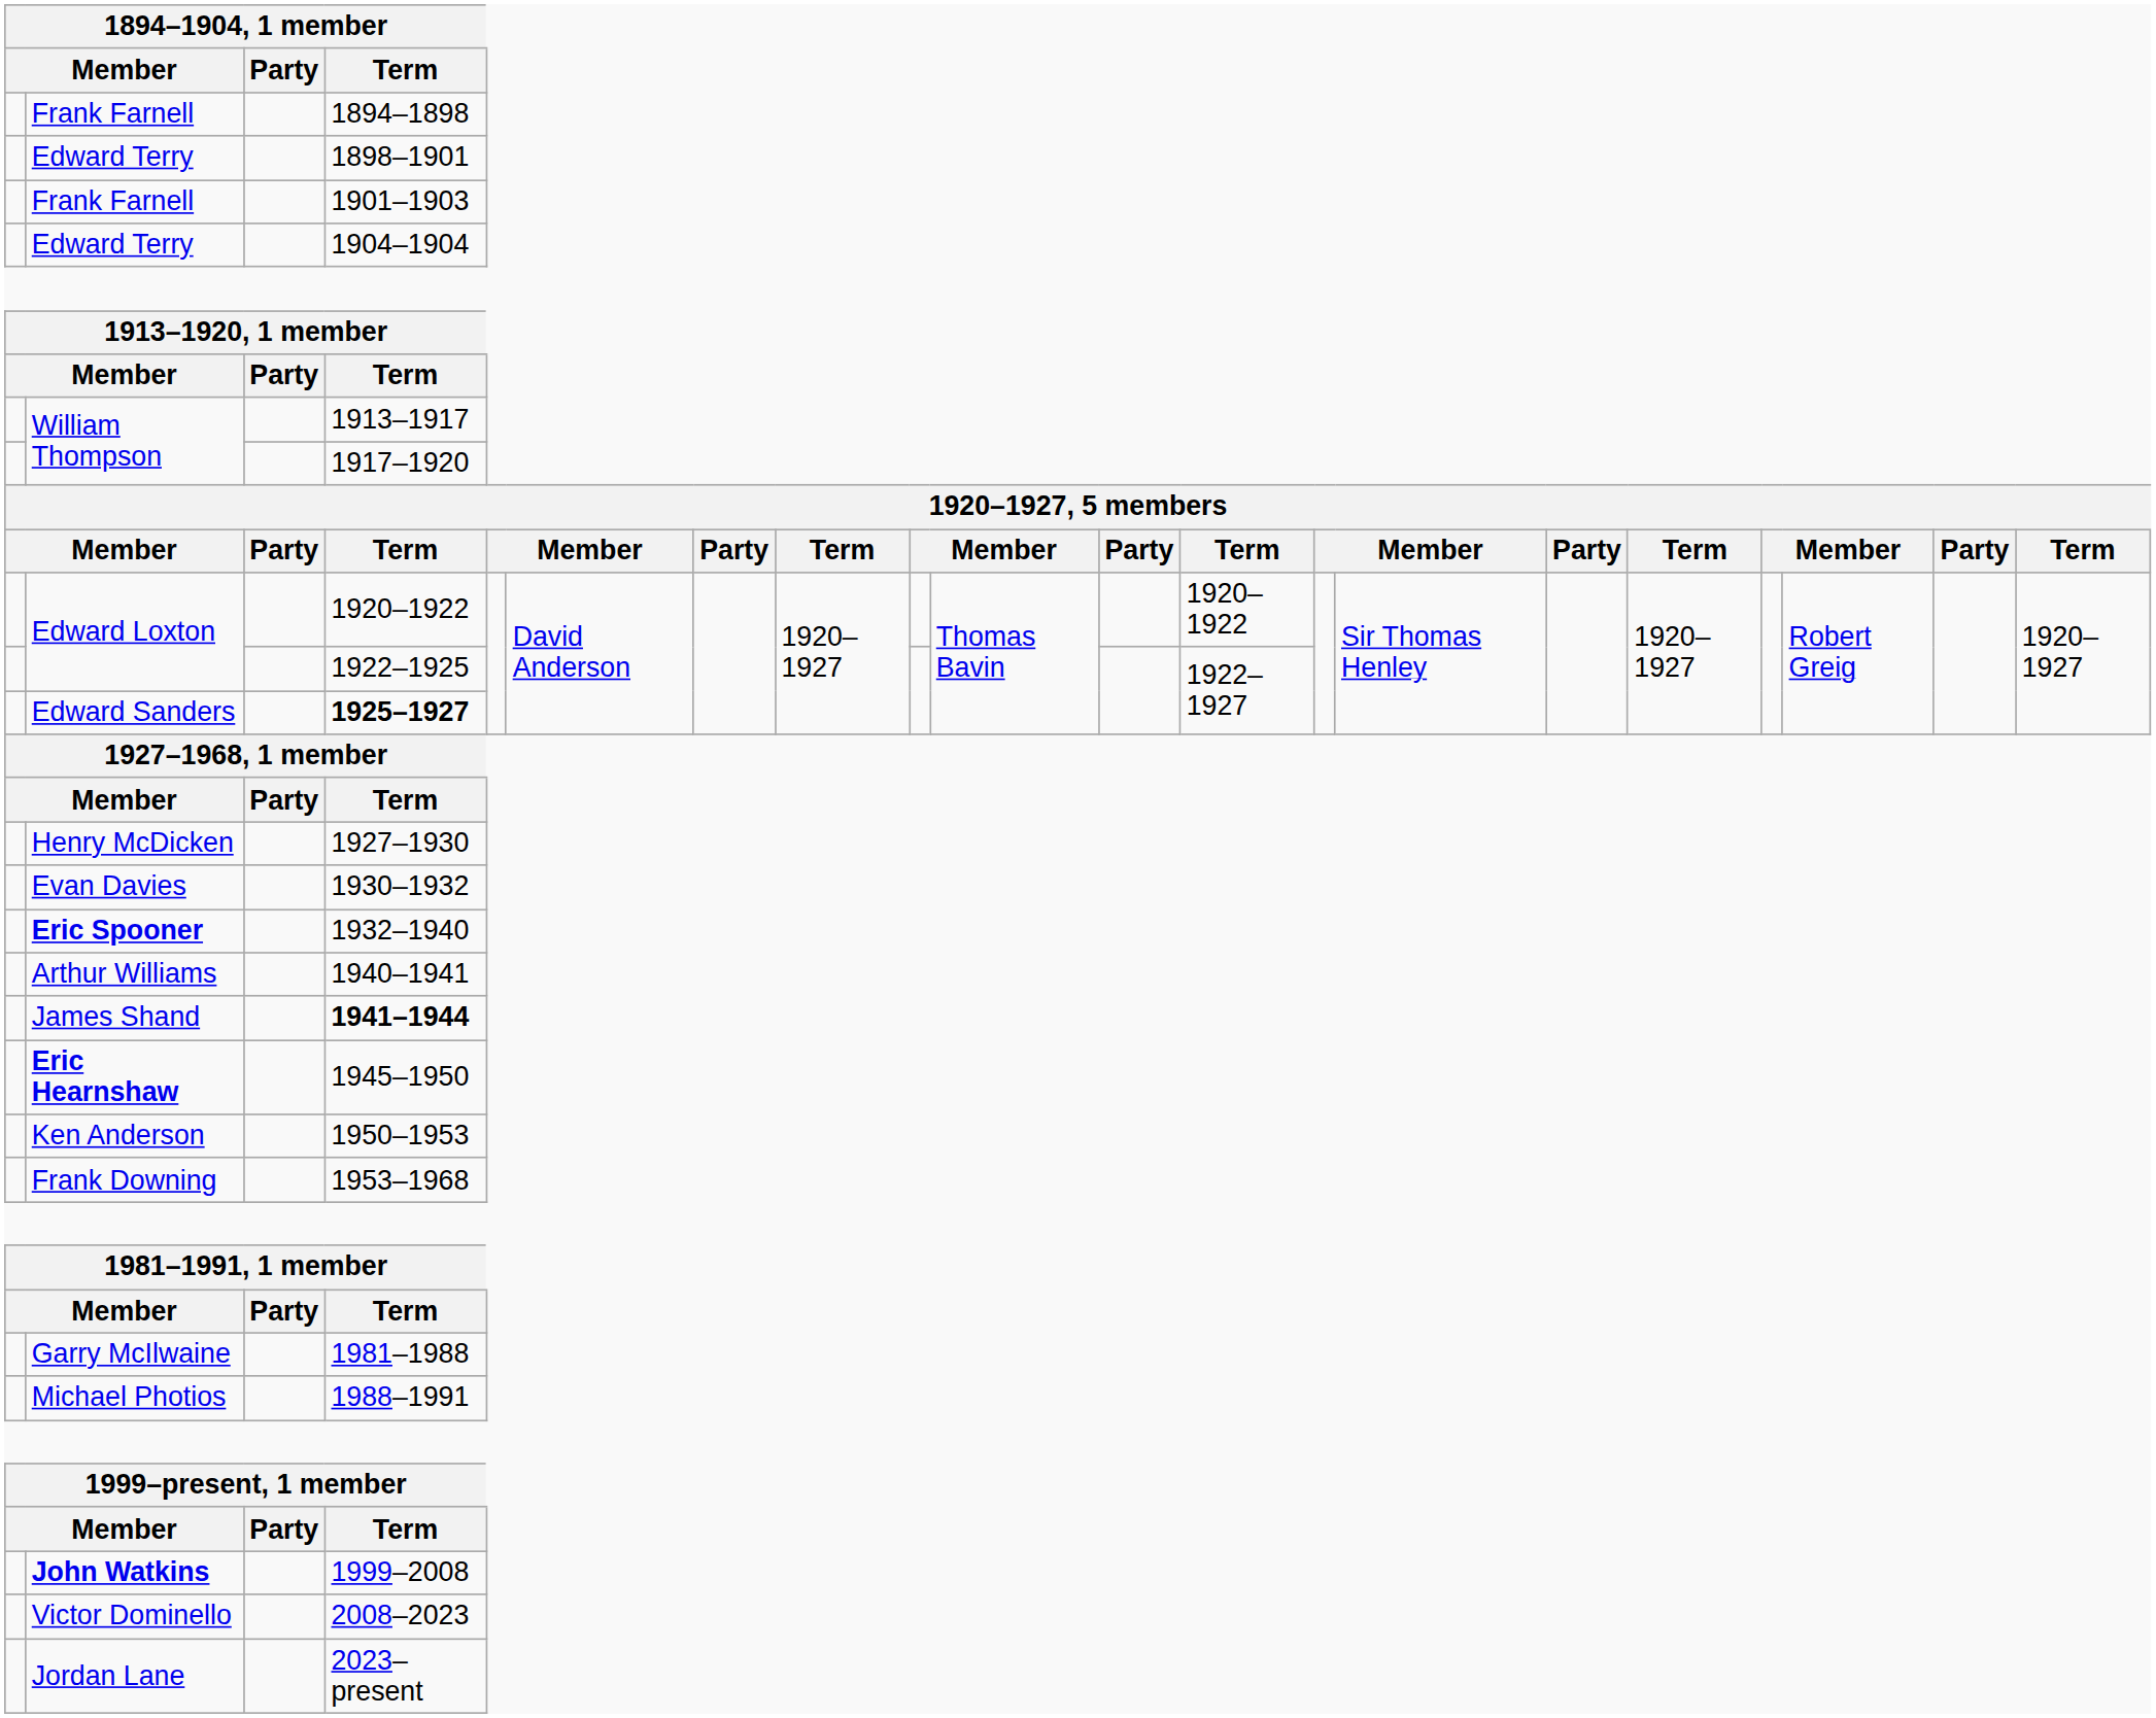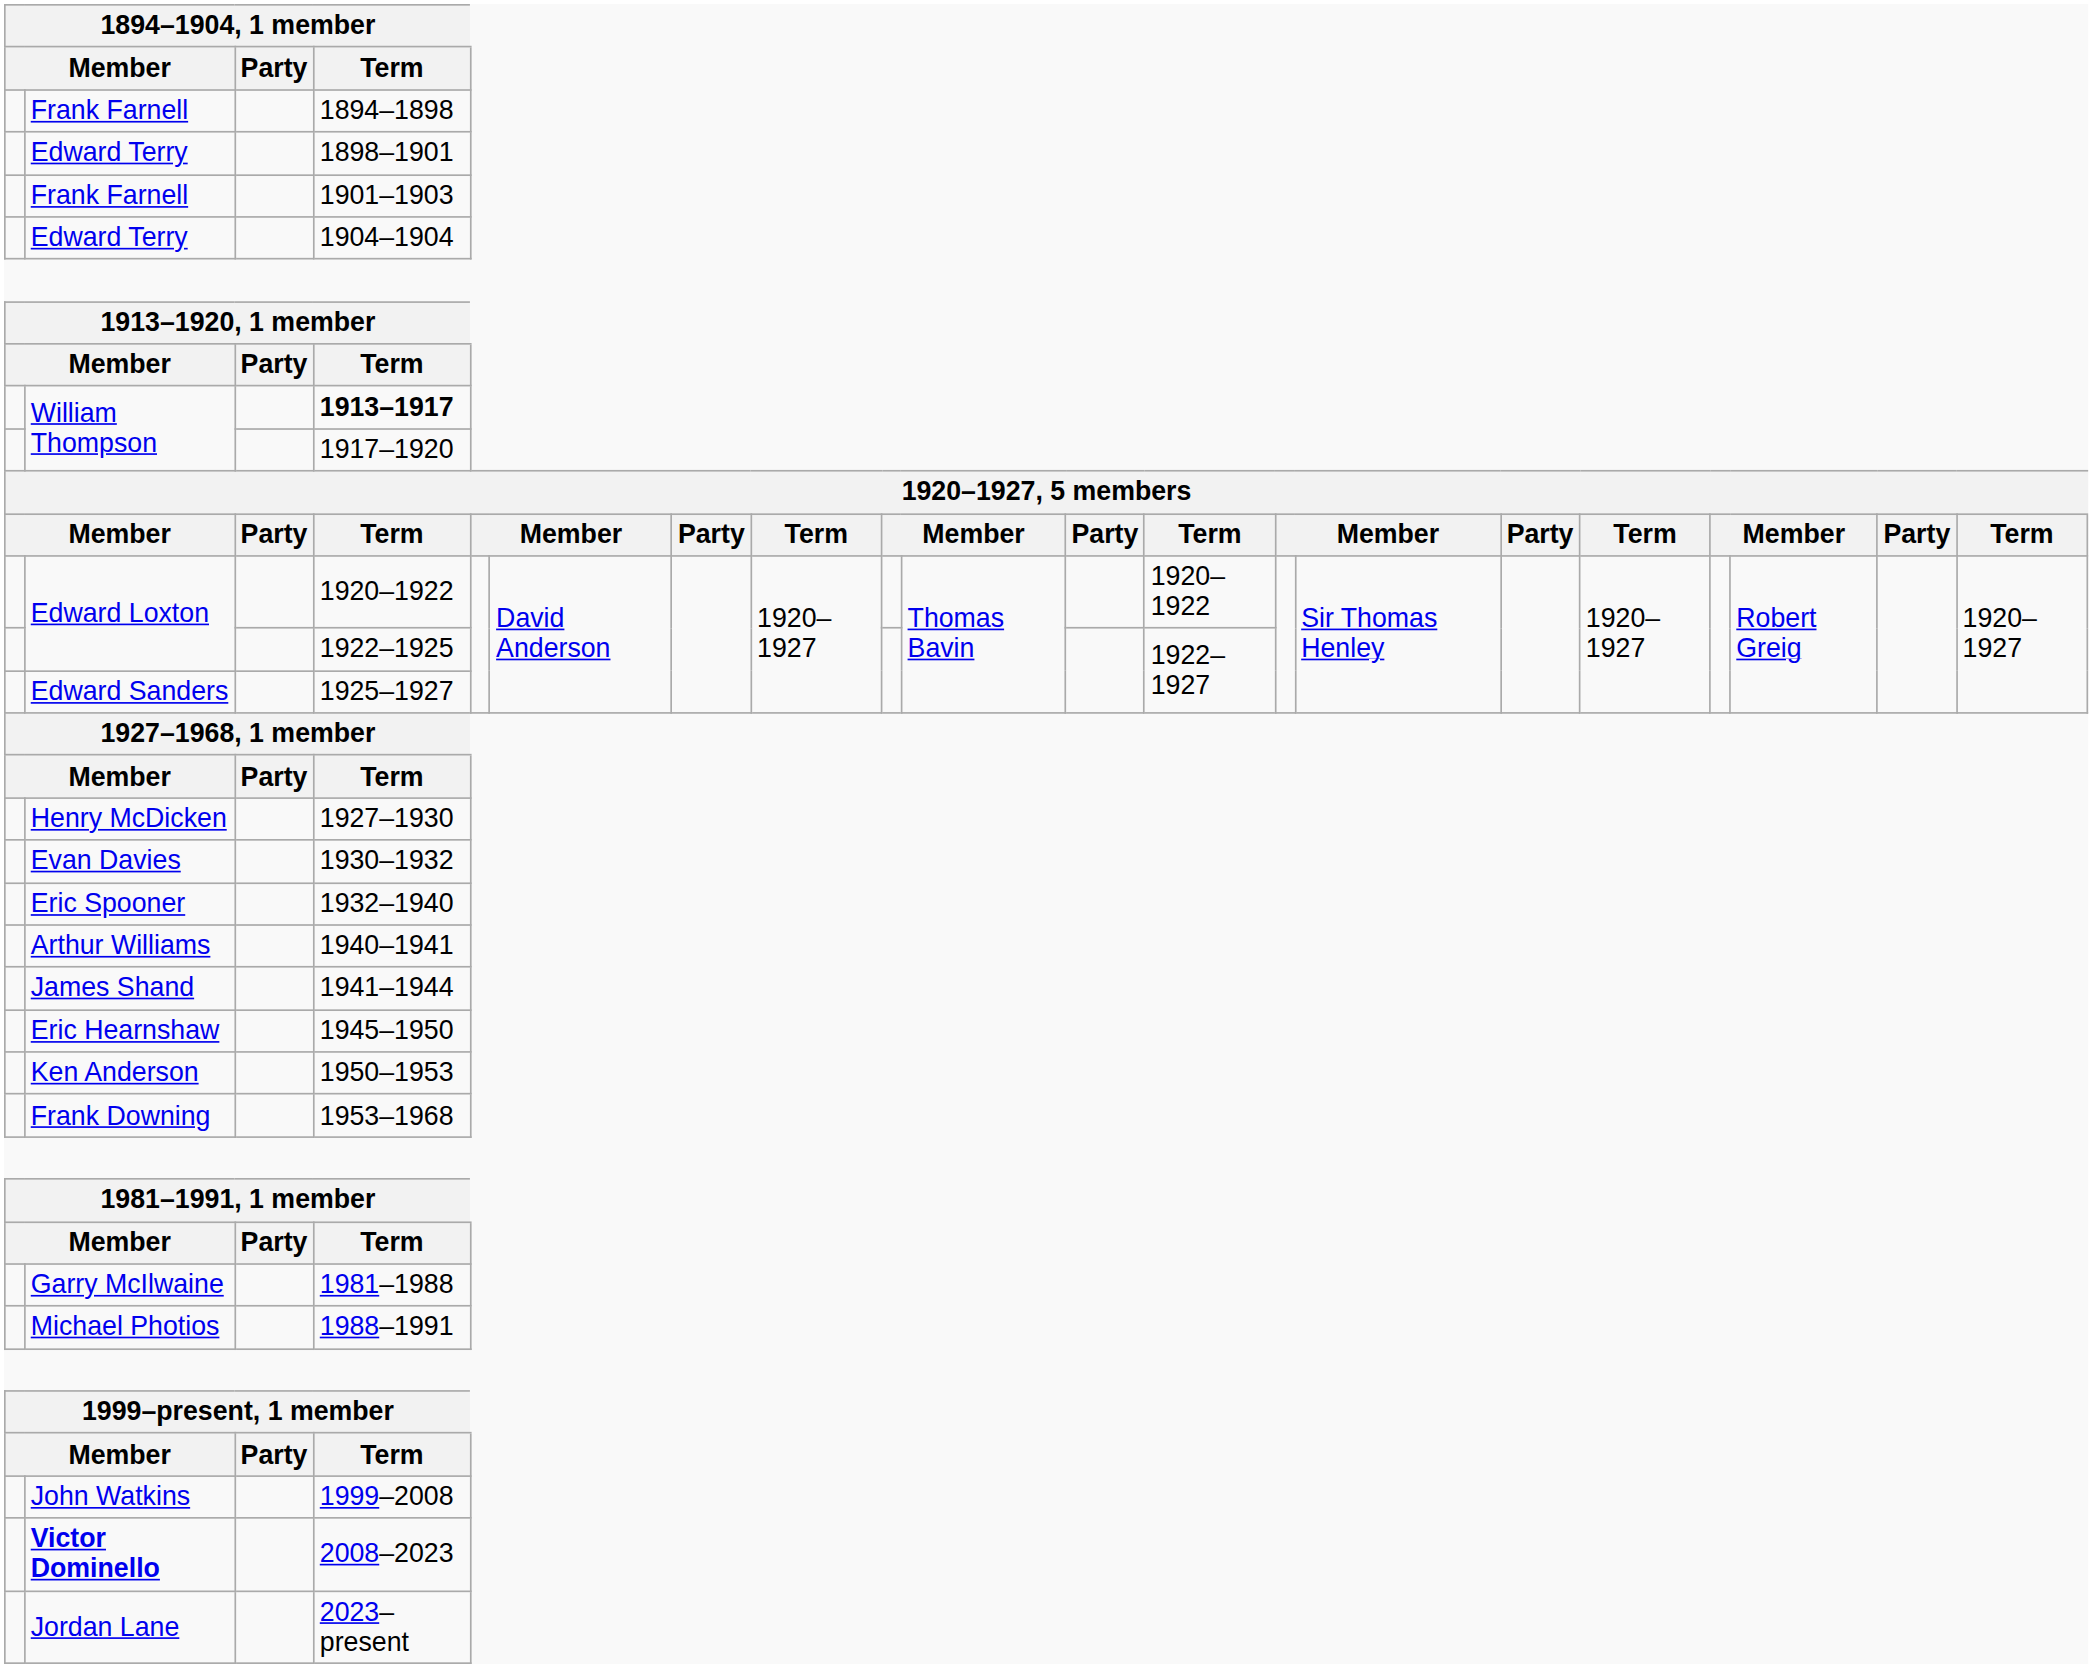 <table class="wikitable" style='border-style: none none none none;'>
 <tr>
 <th colspan="4" style="border-right:0px;">1894–1904, 1 member</th>
 </tr>
 <tr>
 <th colspan="2">Member</th>
 <th>Party</th>
 <th>Term</th>
 </tr>
 <tr style="background: #f9f9f9">
 <td> </td>
 <td><a href='#'>Frank Farnell</a></td>
 <td></td>
 <td>1894–1898</td>
 </tr>
 <tr style="background: #f9f9f9">
 <td> </td>
 <td><a href='#'>Edward Terry</a></td>
 <td></td>
 <td>1898–1901</td>
 </tr>
 <tr style="background: #f9f9f9">
 <td> </td>
 <td><a href='#'>Frank Farnell</a></td>
 <td></td>
 <td>1901–1903</td>
 </tr>
 <tr style="background: #f9f9f9">
 <td> </td>
 <td><a href='#'>Edward Terry</a></td>
 <td></td>
 <td>1904–1904</td>
 </tr>
 <tr>
 <td colspan="4" style='border-style: none none none none;'> </td>
 </tr>
 <tr>
 <th colspan="4" style="border-right:0px;" ;>1913–1920, 1 member</th>
 </tr>
 <tr>
 <th colspan="2">Member</th>
 <th>Party</th>
 <th>Term</th>
 </tr>
 <tr style="background: #f9f9f9">
 <td> </td>
 <td rowspan="2"><a href='#'>William Thompson</a></td>
 <td></td>
-<td>1913–1917</td>
+<td><strong>1913–1917</strong></td>
 </tr>
 <tr style="background: #f9f9f9">
 <td> </td>
 <td></td>
 <td>1917–1920</td>
 </tr>
 <tr>
 <th colspan="20" style="border-right:0px;" ;>1920–1927, 5 members</th>
 </tr>
 <tr>
 <th colspan="2">Member</th>
 <th>Party</th>
 <th>Term</th>
 <th colspan="2">Member</th>
 <th>Party</th>
 <th>Term</th>
 <th colspan="2">Member</th>
 <th>Party</th>
 <th>Term</th>
 <th colspan="2">Member</th>
 <th>Party</th>
 <th>Term</th>
 <th colspan="2">Member</th>
 <th>Party</th>
 <th>Term</th>
 </tr>
 <tr style="background: #f9f9f9">
 <td> </td>
 <td rowspan="2"><a href='#'>Edward Loxton</a></td>
 <td></td>
 <td>1920–1922</td>
 <td rowspan="3" > </td>
 <td rowspan="3"><a href='#'>David Anderson</a></td>
 <td rowspan="3"></td>
 <td rowspan="3">1920–1927</td>
 <td> </td>
 <td rowspan="3"><a href='#'>Thomas Bavin</a></td>
 <td></td>
 <td>1920–1922</td>
 <td rowspan="3" > </td>
 <td rowspan="3"><a href='#'>Sir Thomas Henley</a></td>
 <td rowspan="3"></td>
 <td rowspan="3">1920–1927</td>
 <td rowspan="3" > </td>
 <td rowspan="3"><a href='#'>Robert Greig</a></td>
 <td rowspan="3"></td>
 <td rowspan="3">1920–1927</td>
 </tr>
 <tr style="background: #f9f9f9">
 <td> </td>
 <td></td>
 <td>1922–1925</td>
 <td rowspan="2" > </td>
 <td rowspan="2"></td>
 <td rowspan="2">1922–1927</td>
 </tr>
 <tr style="background: #f9f9f9">
 <td> </td>
 <td><a href='#'>Edward Sanders</a></td>
 <td></td>
-<td><strong>1925–1927</strong></td>
+<td>1925–1927</td>
 </tr>
 <tr>
 <th colspan="4" style="border-right:0px;" ;>1927–1968, 1 member</th>
 </tr>
 <tr>
 <th colspan="2">Member</th>
 <th>Party</th>
 <th>Term</th>
 </tr>
 <tr style="background: #f9f9f9">
 <td> </td>
 <td><a href='#'>Henry McDicken</a></td>
 <td></td>
 <td>1927–1930</td>
 </tr>
 <tr style="background: #f9f9f9">
 <td> </td>
 <td><a href='#'>Evan Davies</a></td>
 <td></td>
 <td>1930–1932</td>
 </tr>
 <tr style="background: #f9f9f9">
 <td> </td>
-<td><strong><a href='#'>Eric Spooner</a></strong></td>
+<td><a href='#'>Eric Spooner</a></td>
 <td></td>
 <td>1932–1940</td>
 </tr>
 <tr style="background: #f9f9f9">
 <td> </td>
 <td><a href='#'>Arthur Williams</a></td>
 <td></td>
 <td>1940–1941</td>
 </tr>
 <tr style="background: #f9f9f9">
 <td> </td>
 <td><a href='#'>James Shand</a></td>
 <td></td>
-<td><strong>1941–1944</strong></td>
+<td>1941–1944</td>
 </tr>
 <tr style="background: #f9f9f9">
 <td> </td>
-<td><strong><a href='#'>Eric Hearnshaw</a></strong></td>
+<td><a href='#'>Eric Hearnshaw</a></td>
 <td></td>
 <td>1945–1950</td>
 </tr>
 <tr style="background: #f9f9f9">
 <td> </td>
 <td><a href='#'>Ken Anderson</a></td>
 <td></td>
 <td>1950–1953</td>
 </tr>
 <tr style="background: #f9f9f9">
 <td> </td>
 <td><a href='#'>Frank Downing</a></td>
 <td></td>
 <td>1953–1968</td>
 </tr>
 <tr>
 <td colspan="4" style='border-style: none none none none;'> </td>
 </tr>
 <tr>
 <th colspan="4" style="border-right:0px;" ;>1981–1991, 1 member</th>
 </tr>
 <tr>
 <th colspan="2">Member</th>
 <th>Party</th>
 <th>Term</th>
 </tr>
 <tr style="background: #f9f9f9">
 <td> </td>
 <td><a href='#'>Garry McIlwaine</a></td>
 <td></td>
 <td><a href='#'>1981</a>–1988</td>
 </tr>
 <tr style="background: #f9f9f9">
 <td> </td>
 <td><a href='#'>Michael Photios</a></td>
 <td></td>
 <td><a href='#'>1988</a>–1991</td>
 </tr>
 <tr>
 <td colspan="4" style='border-style: none none none none;'> </td>
 </tr>
 <tr>
 <th colspan="4" style="border-right:0px;" ;>1999–present, 1 member</th>
 </tr>
 <tr>
 <th colspan="2">Member</th>
 <th>Party</th>
 <th>Term</th>
 </tr>
 <tr style="background: #f9f9f9">
 <td> </td>
-<td><strong><a href='#'>John Watkins</a></strong></td>
+<td><a href='#'>John Watkins</a></td>
 <td></td>
 <td><a href='#'>1999</a>–2008</td>
 </tr>
 <tr style="background: #f9f9f9">
 <td> </td>
-<td><a href='#'>Victor Dominello</a></td>
+<td><strong><a href='#'>Victor Dominello</a></strong></td>
 <td></td>
 <td><a href='#'>2008</a>–2023</td>
 </tr>
 <tr style="background: #f9f9f9">
 <td> </td>
 <td><a href='#'>Jordan Lane</a></td>
 <td></td>
 <td><a href='#'>2023</a>–present</td>
 </tr>
 </table>
